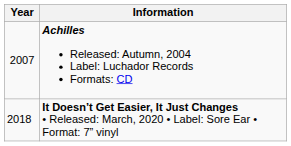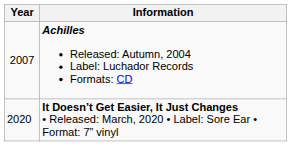 <table class="wikitable">
 <tr>
 <th rowspan="1" width="44">Year</th>
 <th rowspan="1" width="350">Information</th>
 </tr>
 <tr>
 <td align=center width="44">2007</td>
 <td width="350"><strong><em>Achilles</em></strong><br><ul><li>Released: Autumn, 2004</li><li>Label: Luchador Records</li><li>Formats: <a href='#'>CD</a></li></ul></td>
 </tr>
 <tr>
-<td>2018</td>
+<td>2020</td>
 <td><strong>It Doesn’t Get Easier, It Just Changes</strong><br>• Released: March, 2020 • Label: Sore Ear • Format: 7” vinyl</td>
 </tr>
 </table>
